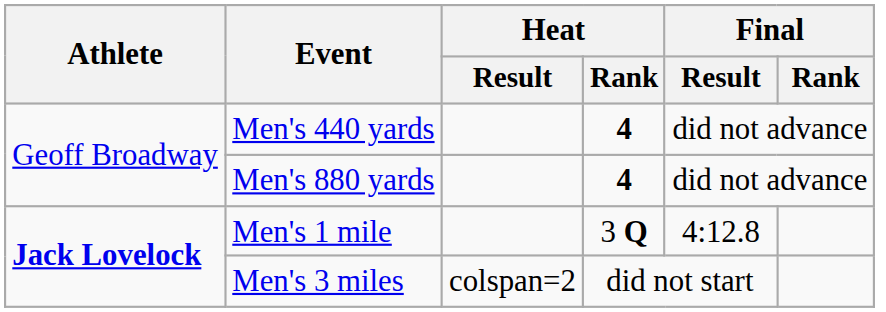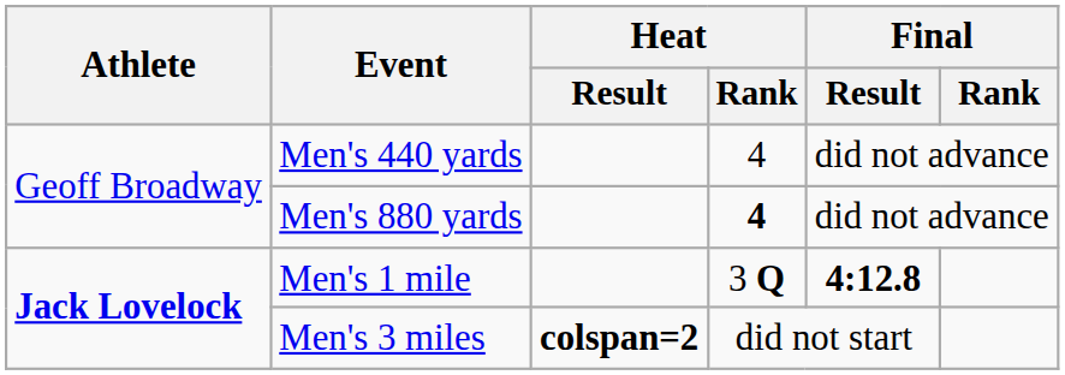 <table class=wikitable style=font-size:90%>
 <tr>
 <th rowspan=2>Athlete</th>
 <th rowspan=2>Event</th>
 <th colspan=2>Heat</th>
 <th colspan=2>Final</th>
 </tr>
 <tr style=font-size:95%>
 <th>Result</th>
 <th>Rank</th>
 <th>Result</th>
 <th>Rank</th>
 </tr>
 <tr align=center>
 <td align=left rowspan=2><a href='#'>Geoff Broadway</a></td>
 <td align=left><a href='#'>Men's 440 yards</a></td>
 <td></td>
-<td><strong>4</strong></td>
+<td>4</td>
 <td colspan=2>did not advance</td>
 </tr>
 <tr align=center>
 <td align=left><a href='#'>Men's 880 yards</a></td>
 <td></td>
 <td><strong>4</strong></td>
 <td colspan=2>did not advance</td>
 </tr>
 <tr align=center>
 <td align=left rowspan=2><strong><a href='#'>Jack Lovelock</a></strong></td>
 <td align=left><a href='#'>Men's 1 mile</a></td>
 <td></td>
 <td>3 <strong>Q</strong></td>
-<td>4:12.8</td>
+<td><strong>4:12.8</strong></td>
 <td></td>
 </tr>
 <tr align=center>
 <td align=left><a href='#'>Men's 3 miles</a></td>
-<td>colspan=2 </td>
+<td><strong>colspan=2 </strong></td>
 <td colspan=2>did not start</td>
 </tr>
 </table>
